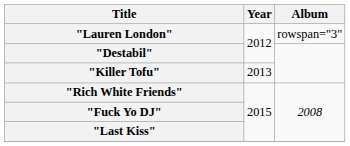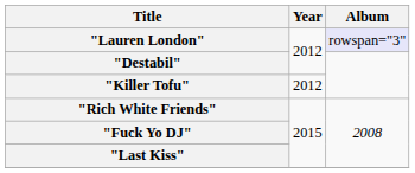 <table class="wikitable plainrowheaders" style="text-align:center;">
 <tr>
 <th scope="col" style="width:19em;">Title</th>
 <th scope="col">Year</th>
 <th scope="col">Album</th>
 </tr>
 <tr>
 <th scope="row">"Lauren London"</th>
 <td rowspan="2">2012</td>
-<td>rowspan="3" </td>
+<td style="background: lavender;">rowspan="3" </td>
 </tr>
 <tr>
 <th scope="row">"Destabil"</th>
 </tr>
 <tr>
 <th scope="row">"Killer Tofu"</th>
-<td>2013</td>
+<td>2012</td>
 </tr>
 <tr>
 <th scope="row">"Rich White Friends"</th>
 <td rowspan="3">2015</td>
 <td rowspan="3"><em>2008</em></td>
 </tr>
 <tr>
 <th scope="row">"Fuck Yo DJ"<br></th>
 </tr>
 <tr>
 <th scope="row">"Last Kiss" <br></th>
 </tr>
 <tr>
 </tr>
 </table>
